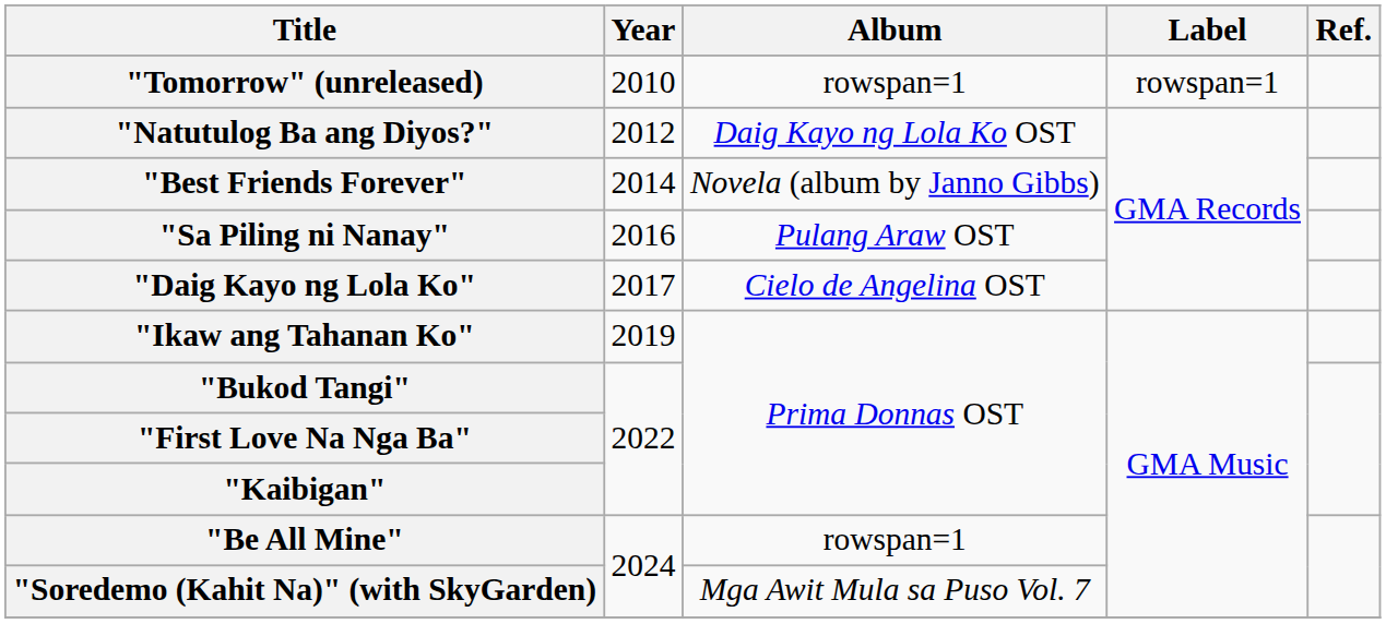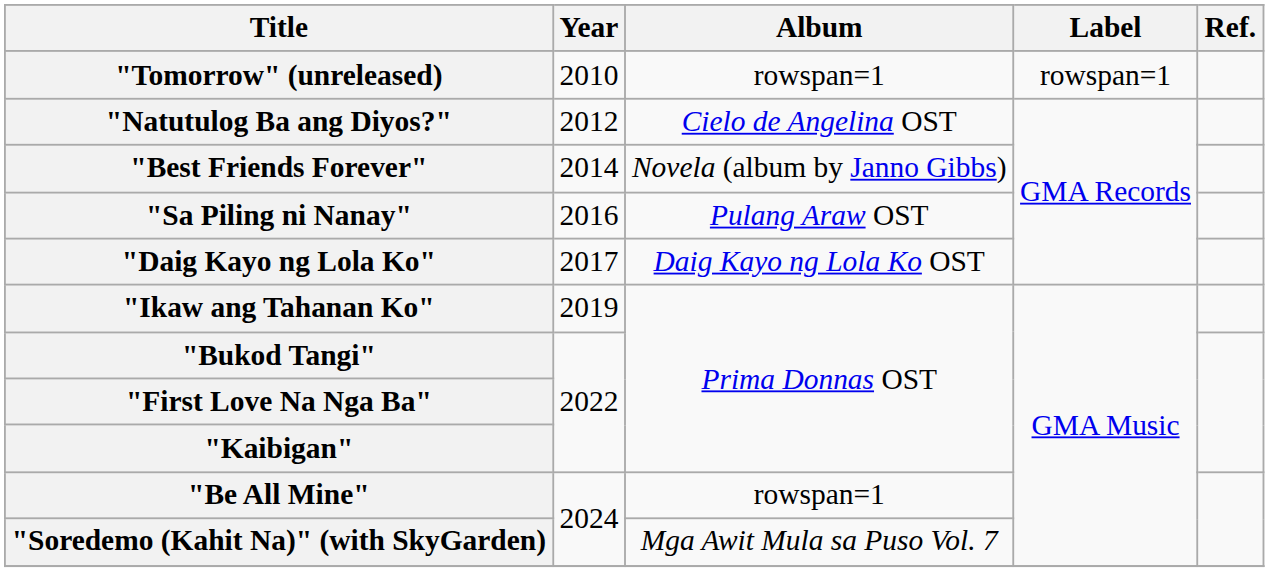 <table class="wikitable plainrowheaders" style="text-align:center;">
 <tr>
 <th scope="col" rowspan="1">Title</th>
 <th scope="col" rowspan="1" style="width:1em;">Year</th>
 <th scope="col" rowspan="1">Album</th>
 <th scope="col" rowspan="1">Label</th>
 <th scope="col" rowspan="1">Ref.</th>
 </tr>
 <tr>
 <th scope="row">"Tomorrow" (unreleased)</th>
 <td rowspan=1>2010</td>
 <td>rowspan=1 </td>
 <td>rowspan=1 </td>
 <td rowspan=1></td>
 </tr>
 <tr>
 <th scope="row">"Natutulog Ba ang Diyos?"</th>
 <td rowspan=1>2012</td>
-<td rowspan=1><em><a href='#'>Daig Kayo ng Lola Ko</a></em> OST</td>
+<td rowspan=1><em><a href='#'>Cielo de Angelina</a></em> OST</td>
 <td rowspan=4><a href='#'>GMA Records</a></td>
 <td rowspan=1></td>
 </tr>
 <tr>
 <th scope="row">"Best Friends Forever"</th>
 <td rowspan=1>2014</td>
 <td rowspan=1><em>Novela</em> (album by <a href='#'>Janno Gibbs</a>)</td>
 <td rowspan=1></td>
 </tr>
 <tr>
 <th scope="row">"Sa Piling ni Nanay"</th>
 <td rowspan=1>2016</td>
 <td rowspan=1><em><a href='#'>Pulang Araw</a></em> OST</td>
 <td rowspan=1></td>
 </tr>
 <tr>
 <th scope="row">"Daig Kayo ng Lola Ko"</th>
 <td rowspan=1>2017</td>
-<td rowspan=1><em><a href='#'>Cielo de Angelina</a></em> OST</td>
+<td rowspan=1><em><a href='#'>Daig Kayo ng Lola Ko</a></em> OST</td>
 <td rowspan=1></td>
 </tr>
 <tr>
 <th scope="row">"Ikaw ang Tahanan Ko"</th>
 <td rowspan=1>2019</td>
 <td rowspan=4><em><a href='#'>Prima Donnas</a></em> OST</td>
 <td rowspan=6><a href='#'>GMA Music</a></td>
 <td rowspan=1></td>
 </tr>
 <tr>
 <th scope="row">"Bukod Tangi"</th>
 <td rowspan=3>2022</td>
 <td rowspan=3></td>
 </tr>
 <tr>
 <th scope="row">"First Love Na Nga Ba"</th>
 </tr>
 <tr>
 <th scope="row">"Kaibigan"</th>
 </tr>
 <tr>
 <th scope="row">"Be All Mine"</th>
 <td rowspan=2>2024</td>
 <td>rowspan=1 </td>
 <td rowspan=2></td>
 </tr>
 <tr>
 <th scope="row">"Soredemo (Kahit Na)" (with SkyGarden)</th>
 <td rowspan=1><em>Mga Awit Mula sa Puso Vol. 7</em></td>
 </tr>
 <tr>
 </tr>
 </table>
